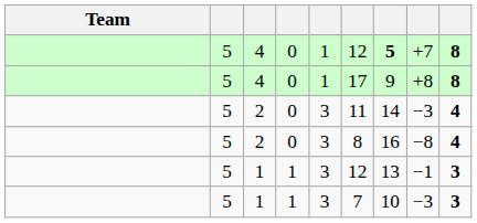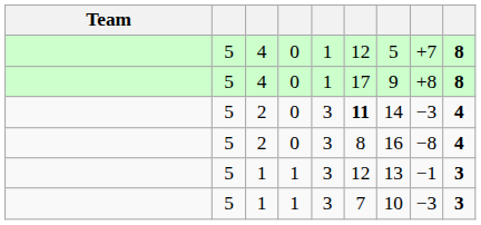 <table class="wikitable" style="text-align:center">
 <tr>
 <th width=165>Team</th>
 <th width=20></th>
 <th width=20></th>
 <th width=20></th>
 <th width=20></th>
 <th width=20></th>
 <th width=20></th>
 <th width=20></th>
 <th width=20></th>
 </tr>
 <tr align=center bgcolor=ccffcc>
 <td align=left></td>
 <td>5</td>
 <td>4</td>
 <td>0</td>
 <td>1</td>
 <td>12</td>
-<td><strong>5</strong></td>
+<td>5</td>
 <td>+7</td>
 <td><strong>8</strong></td>
 </tr>
 <tr align=center bgcolor=ccffcc>
 <td align=left></td>
 <td>5</td>
 <td>4</td>
 <td>0</td>
 <td>1</td>
 <td>17</td>
 <td>9</td>
 <td>+8</td>
 <td><strong>8</strong></td>
 </tr>
 <tr align=center>
 <td align=left></td>
 <td>5</td>
 <td>2</td>
 <td>0</td>
 <td>3</td>
-<td>11</td>
+<td><strong>11</strong></td>
 <td>14</td>
 <td>−3</td>
 <td><strong>4</strong></td>
 </tr>
 <tr align=center>
 <td align=left></td>
 <td>5</td>
 <td>2</td>
 <td>0</td>
 <td>3</td>
 <td>8</td>
 <td>16</td>
 <td>−8</td>
 <td><strong>4</strong></td>
 </tr>
 <tr align=center>
 <td align=left></td>
 <td>5</td>
 <td>1</td>
 <td>1</td>
 <td>3</td>
 <td>12</td>
 <td>13</td>
 <td>−1</td>
 <td><strong>3</strong></td>
 </tr>
 <tr align=center>
 <td align=left></td>
 <td>5</td>
 <td>1</td>
 <td>1</td>
 <td>3</td>
 <td>7</td>
 <td>10</td>
 <td>−3</td>
 <td><strong>3</strong></td>
 </tr>
 </table>
